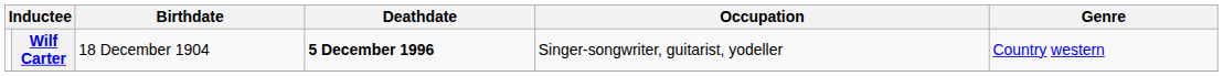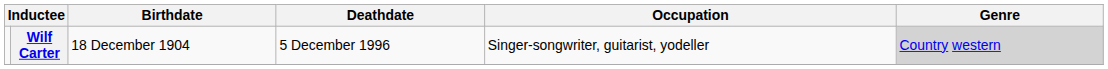 <table class="wikitable" width="100%">
 <tr>
 <th colspan=2>Inductee</th>
 <th width="20%">Birthdate</th>
 <th width="20%">Deathdate</th>
 <th width="40%">Occupation</th>
 <th width="40%">Genre</th>
 </tr>
 <tr>
 <td></td>
 <th><a href='#'>Wilf Carter</a></th>
 <td>18 December 1904</td>
-<td><strong>5 December 1996</strong></td>
+<td>5 December 1996</td>
 <td>Singer-songwriter, guitarist, yodeller</td>
-<td><a href='#'>Country</a> <a href='#'>western</a></td>
+<td style="background: lightgrey;"><a href='#'>Country</a> <a href='#'>western</a></td>
 </tr>
 <tr>
 </tr>
 </table>
